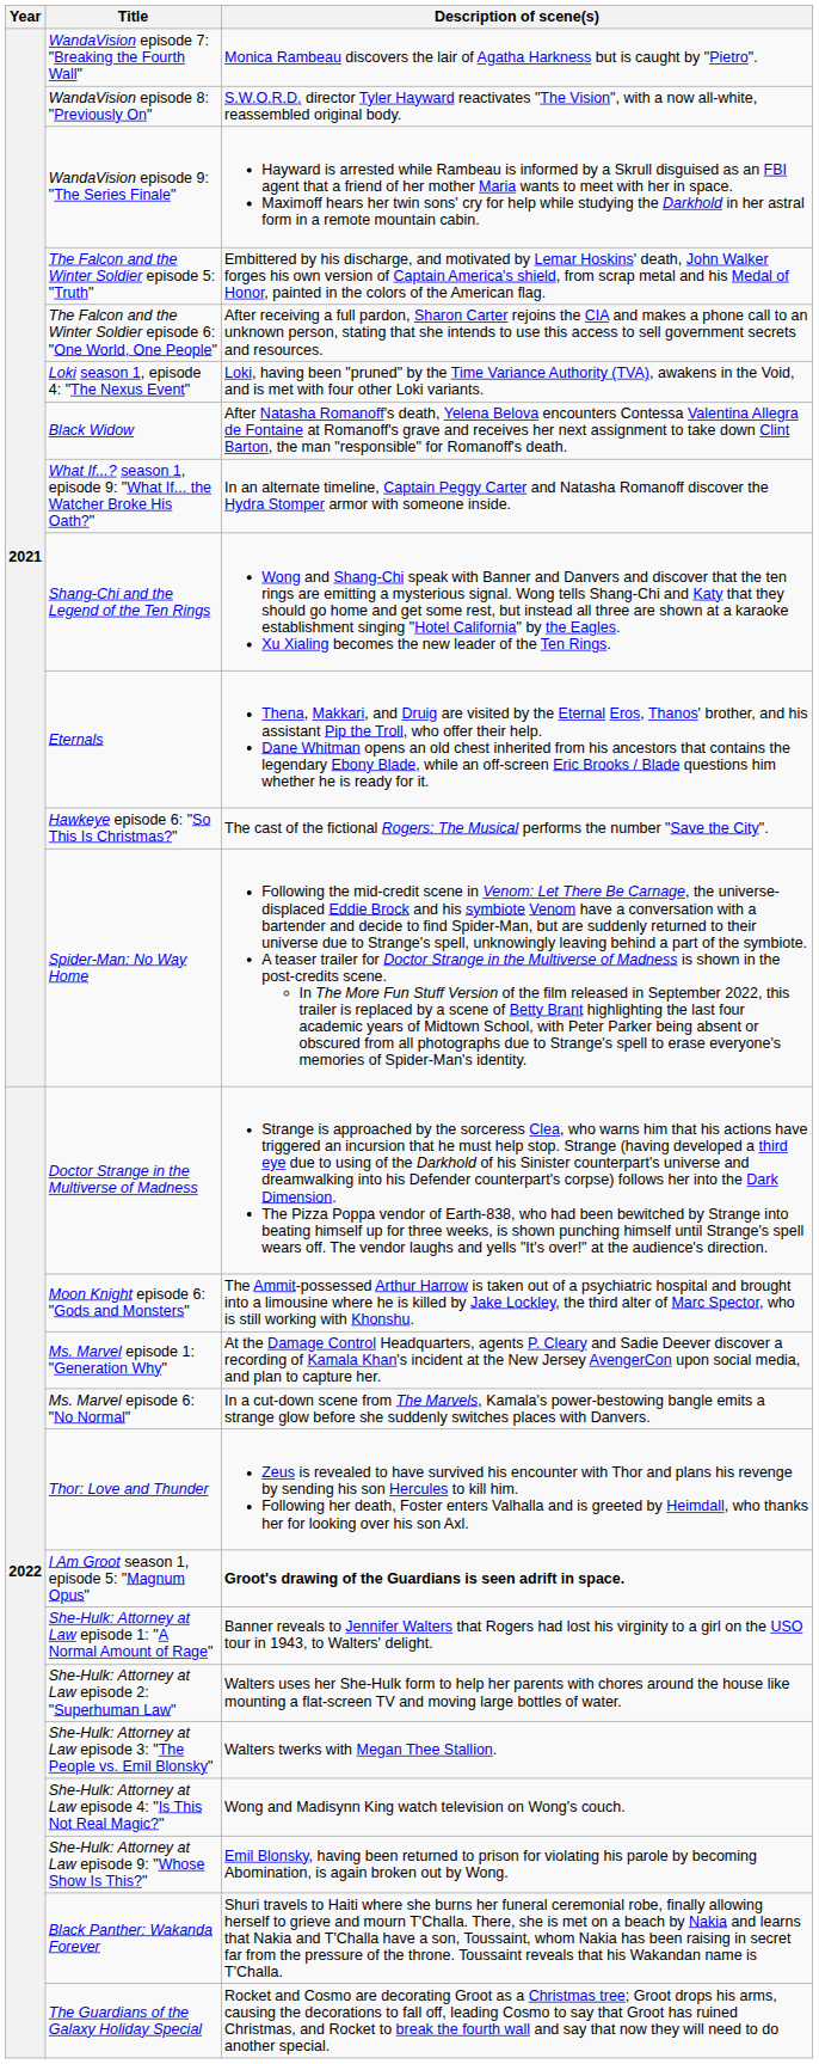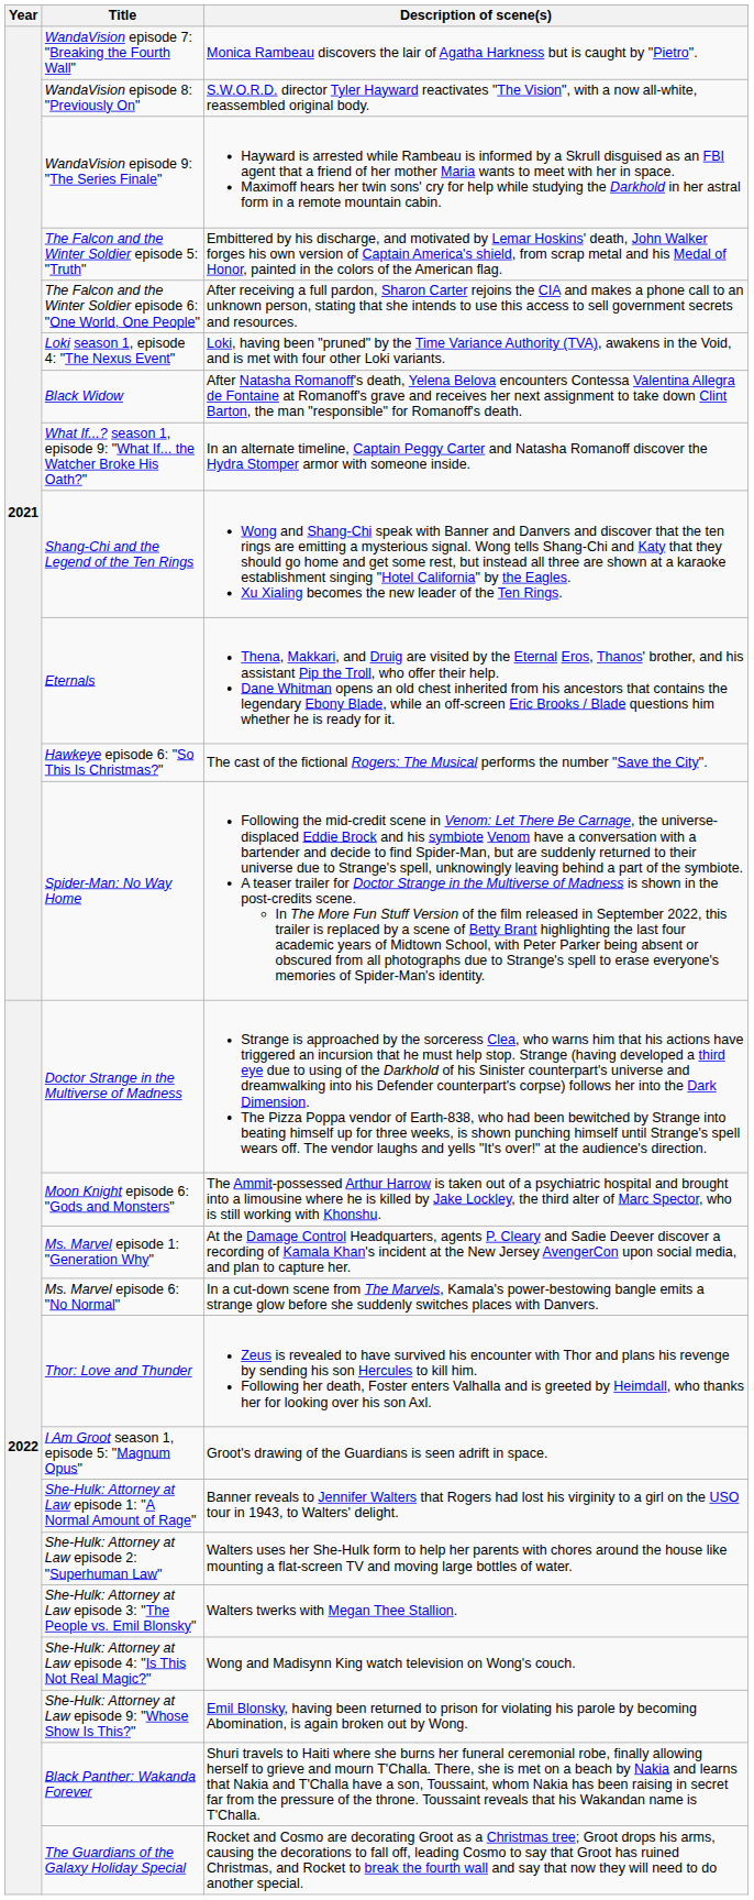 <table class="wikitable">
 <tr>
 <th scope="col">Year</th>
 <th scope="col">Title</th>
 <th scope="col">Description of scene(s)</th>
 </tr>
 <tr>
 <th scope="row" rowspan="12">2021</th>
 <td><em><a href='#'>WandaVision</a></em> episode 7: "<a href='#'>Breaking the Fourth Wall</a>"</td>
 <td><a href='#'>Monica Rambeau</a> discovers the lair of <a href='#'>Agatha Harkness</a> but is caught by "<a href='#'>Pietro</a>".</td>
 </tr>
 <tr>
 <td><em>WandaVision</em> episode 8: "<a href='#'>Previously On</a>"</td>
 <td><a href='#'>S.W.O.R.D.</a> director <a href='#'>Tyler Hayward</a> reactivates "<a href='#'>The Vision</a>", with a now all-white, reassembled original body.</td>
 </tr>
 <tr>
 <td><em>WandaVision</em> episode 9: "<a href='#'>The Series Finale</a>"</td>
 <td><br><ul><li>Hayward is arrested while Rambeau is informed by a Skrull disguised as an <a href='#'>FBI</a> agent that a friend of her mother <a href='#'>Maria</a> wants to meet with her in space.</li><li>Maximoff hears her twin sons' cry for help while studying the <em><a href='#'>Darkhold</a></em> in her astral form in a remote mountain cabin.</li></ul></td>
 </tr>
 <tr>
 <td><em><a href='#'>The Falcon and the Winter Soldier</a></em> episode 5: "<a href='#'>Truth</a>"</td>
 <td>Embittered by his discharge, and motivated by <a href='#'>Lemar Hoskins</a>' death, <a href='#'>John Walker</a> forges his own version of <a href='#'>Captain America's shield</a>, from scrap metal and his <a href='#'>Medal of Honor</a>, painted in the colors of the American flag.</td>
 </tr>
 <tr>
 <td><em>The Falcon and the Winter Soldier</em> episode 6: "<a href='#'>One World, One People</a>"</td>
 <td>After receiving a full pardon, <a href='#'>Sharon Carter</a> rejoins the <a href='#'>CIA</a> and makes a phone call to an unknown person, stating that she intends to use this access to sell government secrets and resources.</td>
 </tr>
 <tr>
 <td><em><a href='#'>Loki</a></em> <a href='#'>season 1</a>, episode 4: "<a href='#'>The Nexus Event</a>"</td>
 <td><a href='#'>Loki</a>, having been "pruned" by the <a href='#'>Time Variance Authority (TVA)</a>, awakens in the Void, and is met with four other Loki variants.</td>
 </tr>
 <tr>
 <td><em><a href='#'>Black Widow</a></em></td>
 <td>After <a href='#'>Natasha Romanoff</a>'s death, <a href='#'>Yelena Belova</a> encounters Contessa <a href='#'>Valentina Allegra de Fontaine</a> at Romanoff's grave and receives her next assignment to take down <a href='#'>Clint Barton</a>, the man "responsible" for Romanoff's death.</td>
 </tr>
 <tr>
 <td><em><a href='#'>What If...?</a></em> <a href='#'>season 1</a>, episode 9: "<a href='#'>What If... the Watcher Broke His Oath?</a>"</td>
 <td>In an alternate timeline, <a href='#'>Captain Peggy Carter</a> and Natasha Romanoff discover the <a href='#'>Hydra Stomper</a> armor with someone inside.</td>
 </tr>
 <tr>
 <td><em><a href='#'>Shang-Chi and the Legend of the Ten Rings</a></em></td>
 <td><br><ul><li><a href='#'>Wong</a> and <a href='#'>Shang-Chi</a> speak with Banner and Danvers and discover that the ten rings are emitting a mysterious signal. Wong tells Shang-Chi and <a href='#'>Katy</a> that they should go home and get some rest, but instead all three are shown at a karaoke establishment singing "<a href='#'>Hotel California</a>" by <a href='#'>the Eagles</a>.</li><li><a href='#'>Xu Xialing</a> becomes the new leader of the <a href='#'>Ten Rings</a>.</li></ul></td>
 </tr>
 <tr>
 <td><em><a href='#'>Eternals</a></em></td>
 <td><br><ul><li><a href='#'>Thena</a>, <a href='#'>Makkari</a>, and <a href='#'>Druig</a> are visited by the <a href='#'>Eternal</a> <a href='#'>Eros</a>, <a href='#'>Thanos</a>' brother, and his assistant <a href='#'>Pip the Troll</a>, who offer their help.</li><li><a href='#'>Dane Whitman</a> opens an old chest inherited from his ancestors that contains the legendary <a href='#'>Ebony Blade</a>, while an off-screen <a href='#'>Eric Brooks / Blade</a> questions him whether he is ready for it.</li></ul></td>
 </tr>
 <tr>
 <td><em><a href='#'>Hawkeye</a></em> episode 6: "<a href='#'>So This Is Christmas?</a>"</td>
 <td>The cast of the fictional <em><a href='#'>Rogers: The Musical</a></em> performs the number "<a href='#'>Save the City</a>".</td>
 </tr>
 <tr>
 <td><em><a href='#'>Spider-Man: No Way Home</a></em></td>
 <td><br><ul><li>Following the mid-credit scene in <em><a href='#'>Venom: Let There Be Carnage</a></em>, the universe-displaced <a href='#'>Eddie Brock</a> and his <a href='#'>symbiote</a> <a href='#'>Venom</a> have a conversation with a bartender and decide to find Spider-Man, but are suddenly returned to their universe due to Strange's spell, unknowingly leaving behind a part of the symbiote.</li><li>A teaser trailer for <em><a href='#'>Doctor Strange in the Multiverse of Madness</a></em> is shown in the post-credits scene.<ul><li>In <em>The More Fun Stuff Version</em> of the film released in September 2022, this trailer is replaced by a scene of <a href='#'>Betty Brant</a> highlighting the last four academic years of Midtown School, with Peter Parker being absent or obscured from all photographs due to Strange's spell to erase everyone's memories of Spider-Man's identity.</li></ul></li></ul></td>
 </tr>
 <tr>
 <th scope="row" rowspan="13">2022</th>
 <td><em><a href='#'>Doctor Strange in the Multiverse of Madness</a></em></td>
 <td><br><ul><li>Strange is approached by the sorceress <a href='#'>Clea</a>, who warns him that his actions have triggered an incursion that he must help stop. Strange (having developed a <a href='#'>third eye</a> due to using of the <em>Darkhold</em> of his Sinister counterpart's universe and dreamwalking into his Defender counterpart's corpse) follows her into the <a href='#'>Dark Dimension</a>.</li><li>The Pizza Poppa vendor of Earth-838, who had been bewitched by Strange into beating himself up for three weeks, is shown punching himself until Strange's spell wears off. The vendor laughs and yells "It's over!" at the audience's direction.</li></ul></td>
 </tr>
 <tr>
 <td><em><a href='#'>Moon Knight</a></em> episode 6: "<a href='#'>Gods and Monsters</a>"</td>
 <td>The <a href='#'>Ammit</a>-possessed <a href='#'>Arthur Harrow</a> is taken out of a psychiatric hospital and brought into a limousine where he is killed by <a href='#'>Jake Lockley</a>, the third alter of <a href='#'>Marc Spector</a>, who is still working with <a href='#'>Khonshu</a>.</td>
 </tr>
 <tr>
 <td><em><a href='#'>Ms. Marvel</a></em> episode 1: "<a href='#'>Generation Why</a>"</td>
 <td>At the <a href='#'>Damage Control</a> Headquarters, agents <a href='#'>P. Cleary</a> and Sadie Deever discover a recording of <a href='#'>Kamala Khan</a>'s incident at the New Jersey <a href='#'>AvengerCon</a> upon social media, and plan to capture her.</td>
 </tr>
 <tr>
 <td><em>Ms. Marvel</em> episode 6: "<a href='#'>No Normal</a>"</td>
 <td>In a cut-down scene from <em><a href='#'>The Marvels</a></em>, Kamala's power-bestowing bangle emits a strange glow before she suddenly switches places with Danvers.</td>
 </tr>
 <tr>
 <td><em><a href='#'>Thor: Love and Thunder</a></em></td>
 <td><br><ul><li><a href='#'>Zeus</a> is revealed to have survived his encounter with Thor and plans his revenge by sending his son <a href='#'>Hercules</a> to kill him.</li><li>Following her death, Foster enters Valhalla and is greeted by <a href='#'>Heimdall</a>, who thanks her for looking over his son Axl.</li></ul></td>
 </tr>
 <tr>
 <td><em><a href='#'>I Am Groot</a></em> season 1, episode 5: "<a href='#'>Magnum Opus</a>"</td>
-<td><strong>Groot's drawing of the Guardians is seen adrift in space.</strong></td>
+<td>Groot's drawing of the Guardians is seen adrift in space.</td>
 </tr>
 <tr>
 <td><em><a href='#'>She-Hulk: Attorney at Law</a></em> episode 1: "<a href='#'>A Normal Amount of Rage</a>"</td>
 <td>Banner reveals to <a href='#'>Jennifer Walters</a> that Rogers had lost his virginity to a girl on the <a href='#'>USO</a> tour in 1943, to Walters' delight.</td>
 </tr>
 <tr>
 <td><em>She-Hulk: Attorney at Law</em> episode 2: "<a href='#'>Superhuman Law</a>"</td>
 <td>Walters uses her She-Hulk form to help her parents with chores around the house like mounting a flat-screen TV and moving large bottles of water.</td>
 </tr>
 <tr>
 <td><em>She-Hulk: Attorney at Law</em> episode 3: "<a href='#'>The People vs. Emil Blonsky</a>"</td>
 <td>Walters twerks with <a href='#'>Megan Thee Stallion</a>.</td>
 </tr>
 <tr>
 <td><em>She-Hulk: Attorney at Law</em> episode 4: "<a href='#'>Is This Not Real Magic?</a>"</td>
 <td>Wong and Madisynn King watch television on Wong's couch.</td>
 </tr>
 <tr>
 <td><em>She-Hulk: Attorney at Law</em> episode 9: "<a href='#'>Whose Show Is This?</a>"</td>
 <td><a href='#'>Emil Blonsky</a>, having been returned to prison for violating his parole by becoming Abomination, is again broken out by Wong.</td>
 </tr>
 <tr>
 <td><em><a href='#'>Black Panther: Wakanda Forever</a></em></td>
 <td>Shuri travels to Haiti where she burns her funeral ceremonial robe, finally allowing herself to grieve and mourn T'Challa. There, she is met on a beach by <a href='#'>Nakia</a> and learns that Nakia and T'Challa have a son, Toussaint, whom Nakia has been raising in secret far from the pressure of the throne. Toussaint reveals that his Wakandan name is T'Challa.</td>
 </tr>
 <tr>
 <td><em><a href='#'>The Guardians of the Galaxy Holiday Special</a></em></td>
 <td>Rocket and Cosmo are decorating Groot as a <a href='#'>Christmas tree</a>; Groot drops his arms, causing the decorations to fall off, leading Cosmo to say that Groot has ruined Christmas, and Rocket to <a href='#'>break the fourth wall</a> and say that now they will need to do another special.</td>
 </tr>
 </table>
